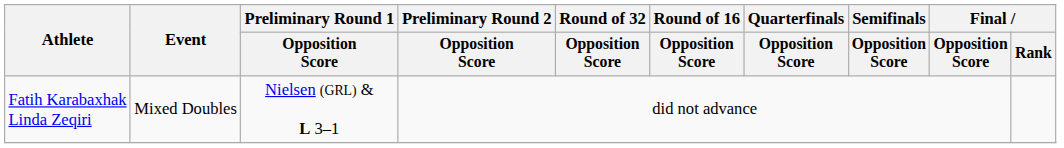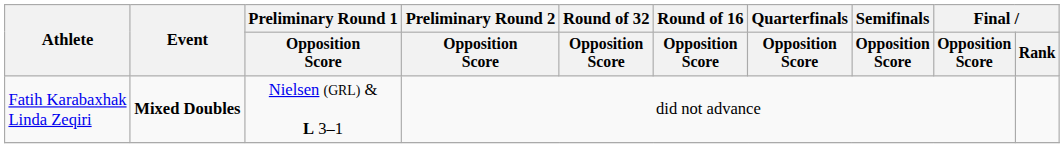 <table class=wikitable style=font-size:90%;text-align:center>
 <tr>
 <th rowspan=2>Athlete</th>
 <th rowspan=2>Event</th>
 <th>Preliminary Round 1</th>
 <th>Preliminary Round 2</th>
 <th>Round of 32</th>
 <th>Round of 16</th>
 <th>Quarterfinals</th>
 <th>Semifinals</th>
 <th colspan=2>Final / </th>
 </tr>
 <tr style=font-size:95%>
 <th>Opposition<br>Score</th>
 <th>Opposition<br>Score</th>
 <th>Opposition<br>Score</th>
 <th>Opposition<br>Score</th>
 <th>Opposition<br>Score</th>
 <th>Opposition<br>Score</th>
 <th>Opposition<br>Score</th>
 <th>Rank</th>
 </tr>
 <tr>
 <td align=left><a href='#'>Fatih Karabaxhak</a><br><a href='#'>Linda Zeqiri</a></td>
-<td align=left>Mixed Doubles</td>
+<td align=left><strong>Mixed Doubles</strong></td>
 <td> <a href='#'>Nielsen</a> <small>(GRL)</small> & <br><br><strong>L</strong> 3–1</td>
 <td colspan=6>did not advance</td>
 <td></td>
 </tr>
 <tr>
 </tr>
 </table>
